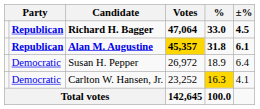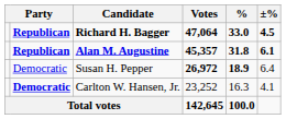 <table class="wikitable">
 <tr>
 <th colspan="2">Party</th>
 <th>Candidate</th>
 <th>Votes</th>
 <th>%</th>
 <th>±%</th>
 </tr>
 <tr>
 <td></td>
 <td><strong><a href='#'>Republican</a></strong></td>
 <td><strong>Richard H. Bagger</strong></td>
 <td><strong>47,064</strong></td>
 <td><strong>33.0</strong></td>
 <td><strong>4.5</strong></td>
 </tr>
 <tr>
 <td></td>
 <td><strong><a href='#'>Republican</a></strong></td>
 <td><strong><a href='#'>Alan M. Augustine</a></strong></td>
-<td style="background: gold;"><strong>45,357</strong></td>
+<td><strong>45,357</strong></td>
 <td><strong>31.8</strong></td>
 <td><strong>6.1</strong></td>
 </tr>
 <tr>
 <td></td>
 <td><a href='#'>Democratic</a></td>
 <td>Susan H. Pepper</td>
-<td>26,972</td>
-<td>18.9</td>
+<td><strong>26,972</strong></td>
+<td><strong>18.9</strong></td>
 <td>6.4</td>
 </tr>
 <tr>
 <td></td>
-<td><a href='#'>Democratic</a></td>
+<td><strong><a href='#'>Democratic</a></strong></td>
 <td>Carlton W. Hansen, Jr.</td>
 <td>23,252</td>
-<td style="background: gold;">16.3</td>
+<td>16.3</td>
 <td>4.1</td>
 </tr>
 <tr>
 <th colspan="3">Total votes</th>
 <td><strong>142,645</strong></td>
 <td><strong>100.0</strong></td>
 <td></td>
 </tr>
 </table>
